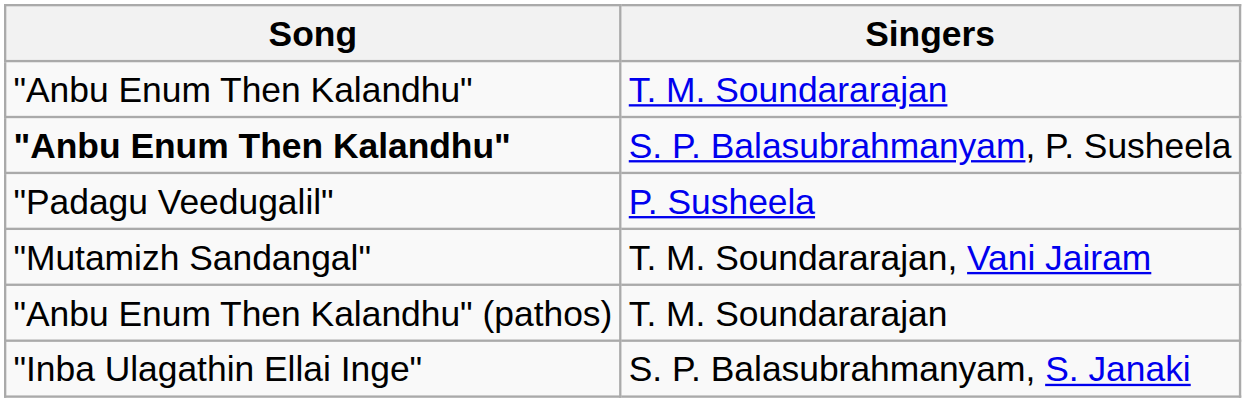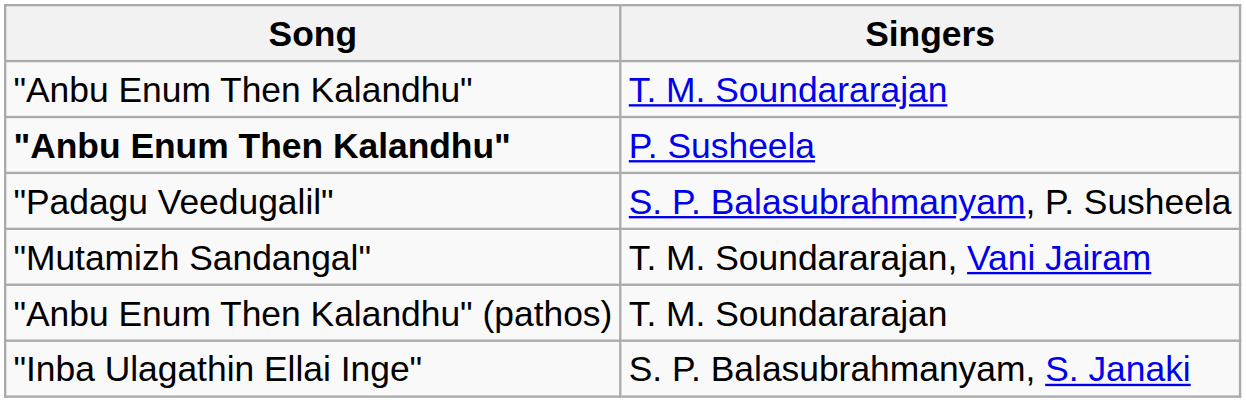 <table class="wikitable" style="font-size:95%;">
 <tr>
 <th>Song</th>
 <th>Singers</th>
 </tr>
 <tr>
 <td>"Anbu Enum Then Kalandhu"</td>
 <td><a href='#'>T. M. Soundararajan</a></td>
 </tr>
 <tr>
 <td><strong>"Anbu Enum Then Kalandhu"</strong></td>
-<td><a href='#'>S. P. Balasubrahmanyam</a>, P. Susheela</td>
+<td><a href='#'>P. Susheela</a></td>
 </tr>
 <tr>
 <td>"Padagu Veedugalil"</td>
-<td><a href='#'>P. Susheela</a></td>
+<td><a href='#'>S. P. Balasubrahmanyam</a>, P. Susheela</td>
 </tr>
 <tr>
 <td>"Mutamizh Sandangal"</td>
 <td>T. M. Soundararajan, <a href='#'>Vani Jairam</a></td>
 </tr>
 <tr>
 <td>"Anbu Enum Then Kalandhu" (pathos)</td>
 <td>T. M. Soundararajan</td>
 </tr>
 <tr>
 <td>"Inba Ulagathin Ellai Inge"</td>
 <td>S. P. Balasubrahmanyam, <a href='#'>S. Janaki</a></td>
 </tr>
 </table>
